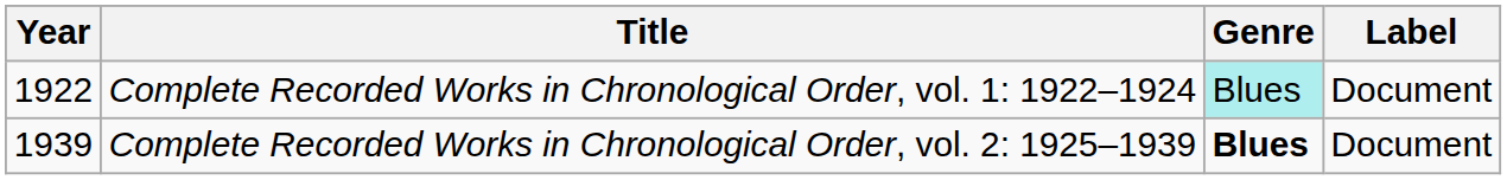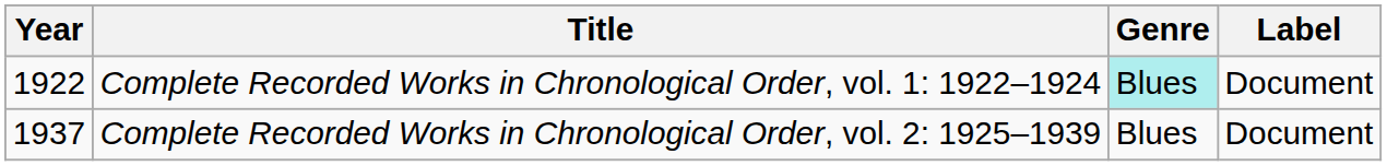 <table class="wikitable">
 <tr>
 <th>Year</th>
 <th>Title</th>
 <th>Genre</th>
 <th>Label</th>
 </tr>
 <tr>
 <td>1922</td>
 <td><em>Complete Recorded Works in Chronological Order</em>, vol. 1: 1922–1924</td>
 <td style="background: paleturquoise;">Blues</td>
 <td>Document</td>
 </tr>
 <tr>
-<td>1939</td>
+<td>1937</td>
 <td><em>Complete Recorded Works in Chronological Order</em>, vol. 2: 1925–1939</td>
-<td><strong>Blues</strong></td>
+<td>Blues</td>
 <td>Document</td>
 </tr>
 </table>
